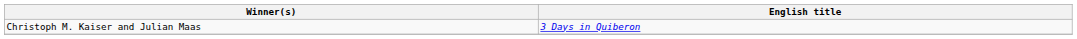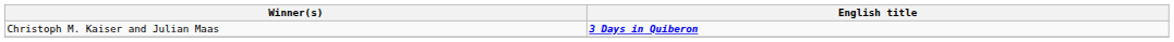 <table class="wikitable" width="95%" cellpadding="5">
 <tr>
 <th width="18%">Winner(s)</th>
 <th width="18%">English title</th>
 </tr>
 <tr>
 <td> Christoph M. Kaiser and Julian Maas</td>
-<td><em><a href='#'>3 Days in Quiberon</a></em></td>
+<td><strong><em><a href='#'>3 Days in Quiberon</a></em></strong></td>
 </tr>
 <tr>
 </tr>
 </table>
